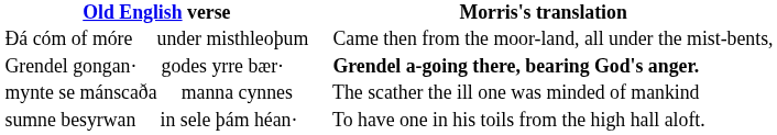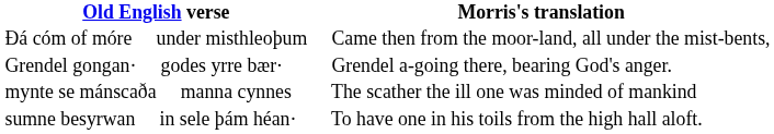 <table style="margin:1em auto;">
 <tr>
 <th><a href='#'>Old English</a> verse</th>
 <th>Morris's translation</th>
 </tr>
 <tr>
 <td>Ðá cóm of móre     under misthleoþum</td>
 <td>    Came then from the moor-land, all under the mist-bents,</td>
 </tr>
 <tr>
 <td>Grendel gongan·     godes yrre bær·</td>
-<td><strong>    Grendel a-going there, bearing God's anger.</strong></td>
+<td>    Grendel a-going there, bearing God's anger.</td>
 </tr>
 <tr>
 <td>mynte se mánscaða     manna cynnes</td>
 <td>    The scather the ill one was minded of mankind</td>
 </tr>
 <tr>
 <td>sumne besyrwan     in sele þám héan·</td>
 <td>    To have one in his toils from the high hall aloft.</td>
 </tr>
 </table>
